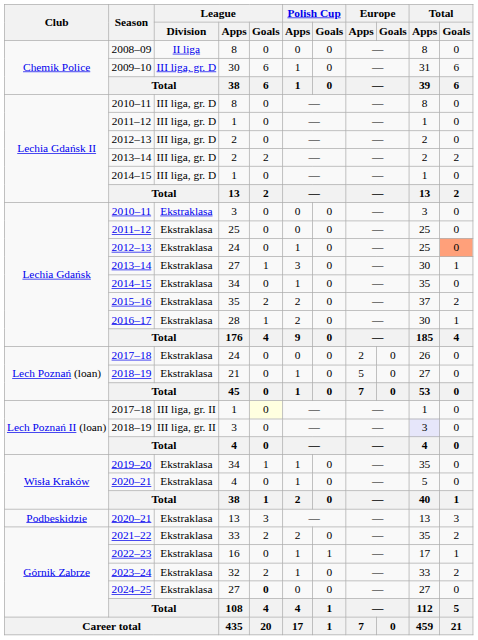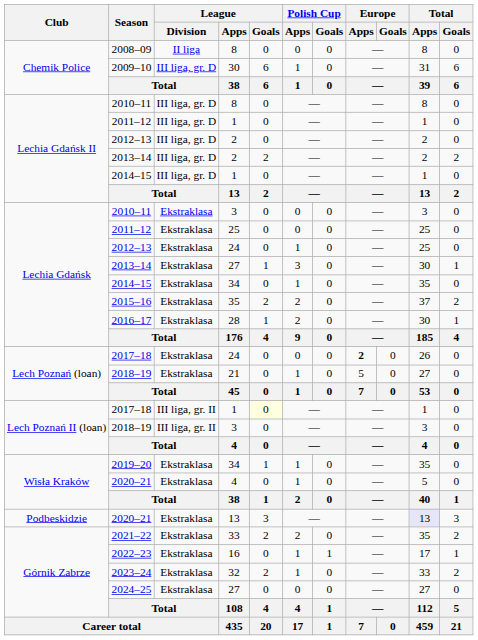 <table class="wikitable" style="text-align: center;">
 <tr>
 <th rowspan="2">Club</th>
 <th rowspan="2">Season</th>
 <th colspan="3">League</th>
 <th colspan="2"><a href='#'>Polish Cup</a></th>
 <th colspan="2">Europe</th>
 <th colspan="2">Total</th>
 </tr>
 <tr>
 <th>Division</th>
 <th>Apps</th>
 <th>Goals</th>
 <th>Apps</th>
 <th>Goals</th>
 <th>Apps</th>
 <th>Goals</th>
 <th>Apps</th>
 <th>Goals</th>
 </tr>
 <tr>
 <td rowspan="3"><a href='#'>Chemik Police</a></td>
 <td>2008–09</td>
 <td rowspan="1"><a href='#'>II liga</a></td>
 <td>8</td>
 <td>0</td>
 <td>0</td>
 <td>0</td>
 <td colspan="2">—</td>
 <td>8</td>
 <td>0</td>
 </tr>
 <tr>
 <td>2009–10</td>
 <td rowspan="1"><a href='#'>III liga, gr. D</a></td>
 <td>30</td>
 <td>6</td>
 <td>1</td>
 <td>0</td>
 <td colspan="2">—</td>
 <td>31</td>
 <td>6</td>
 </tr>
 <tr>
 <th colspan="2">Total</th>
 <th>38</th>
 <th>6</th>
 <th>1</th>
 <th>0</th>
 <th colspan="2">—</th>
 <th>39</th>
 <th>6</th>
 </tr>
 <tr>
 <td rowspan="6"><a href='#'>Lechia Gdańsk II</a></td>
 <td>2010–11</td>
 <td>III liga, gr. D</td>
 <td>8</td>
 <td>0</td>
 <td colspan="2">—</td>
 <td colspan="2">—</td>
 <td>8</td>
 <td>0</td>
 </tr>
 <tr>
 <td>2011–12</td>
 <td>III liga, gr. D</td>
 <td>1</td>
 <td>0</td>
 <td colspan="2">—</td>
 <td colspan="2">—</td>
 <td>1</td>
 <td>0</td>
 </tr>
 <tr>
 <td>2012–13</td>
 <td>III liga, gr. D</td>
 <td>2</td>
 <td>0</td>
 <td colspan="2">—</td>
 <td colspan="2">—</td>
 <td>2</td>
 <td>0</td>
 </tr>
 <tr>
 <td>2013–14</td>
 <td>III liga, gr. D</td>
 <td>2</td>
 <td>2</td>
 <td colspan="2">—</td>
 <td colspan="2">—</td>
 <td>2</td>
 <td>2</td>
 </tr>
 <tr>
 <td>2014–15</td>
 <td>III liga, gr. D</td>
 <td>1</td>
 <td>0</td>
 <td colspan="2">—</td>
 <td colspan="2">—</td>
 <td>1</td>
 <td>0</td>
 </tr>
 <tr>
 <th colspan="2">Total</th>
 <th>13</th>
 <th>2</th>
 <th colspan="2">—</th>
 <th colspan="2">—</th>
 <th>13</th>
 <th>2</th>
 </tr>
 <tr>
 <td rowspan="8"><a href='#'>Lechia Gdańsk</a></td>
 <td><a href='#'>2010–11</a></td>
 <td><a href='#'>Ekstraklasa</a></td>
 <td>3</td>
 <td>0</td>
 <td>0</td>
 <td>0</td>
 <td colspan="2">—</td>
 <td>3</td>
 <td>0</td>
 </tr>
 <tr>
 <td><a href='#'>2011–12</a></td>
 <td>Ekstraklasa</td>
 <td>25</td>
 <td>0</td>
 <td>0</td>
 <td>0</td>
 <td colspan="2">—</td>
 <td>25</td>
 <td>0</td>
 </tr>
 <tr>
 <td><a href='#'>2012–13</a></td>
 <td>Ekstraklasa</td>
 <td>24</td>
 <td>0</td>
 <td>1</td>
 <td>0</td>
 <td colspan="2">—</td>
 <td>25</td>
-<td style="background: lightsalmon;">0</td>
+<td>0</td>
 </tr>
 <tr>
 <td><a href='#'>2013–14</a></td>
 <td>Ekstraklasa</td>
 <td>27</td>
 <td>1</td>
 <td>3</td>
 <td>0</td>
 <td colspan="2">—</td>
 <td>30</td>
 <td>1</td>
 </tr>
 <tr>
 <td><a href='#'>2014–15</a></td>
 <td>Ekstraklasa</td>
 <td>34</td>
 <td>0</td>
 <td>1</td>
 <td>0</td>
 <td colspan="2">—</td>
 <td>35</td>
 <td>0</td>
 </tr>
 <tr>
 <td><a href='#'>2015–16</a></td>
 <td>Ekstraklasa</td>
 <td>35</td>
 <td>2</td>
 <td>2</td>
 <td>0</td>
 <td colspan="2">—</td>
 <td>37</td>
 <td>2</td>
 </tr>
 <tr>
 <td><a href='#'>2016–17</a></td>
 <td>Ekstraklasa</td>
 <td>28</td>
 <td>1</td>
 <td>2</td>
 <td>0</td>
 <td colspan="2">—</td>
 <td>30</td>
 <td>1</td>
 </tr>
 <tr>
 <th colspan="2">Total</th>
 <th>176</th>
 <th>4</th>
 <th>9</th>
 <th>0</th>
 <th colspan="2">—</th>
 <th>185</th>
 <th>4</th>
 </tr>
 <tr>
 <td rowspan="3"><a href='#'>Lech Poznań</a> (loan)</td>
 <td><a href='#'>2017–18</a></td>
 <td>Ekstraklasa</td>
 <td>24</td>
 <td>0</td>
 <td>0</td>
 <td>0</td>
-<td>2</td>
+<td><strong>2</strong></td>
 <td>0</td>
 <td>26</td>
 <td>0</td>
 </tr>
 <tr>
 <td><a href='#'>2018–19</a></td>
 <td>Ekstraklasa</td>
 <td>21</td>
 <td>0</td>
 <td>1</td>
 <td>0</td>
 <td>5</td>
 <td>0</td>
 <td>27</td>
 <td>0</td>
 </tr>
 <tr>
 <th colspan="2">Total</th>
 <th>45</th>
 <th>0</th>
 <th>1</th>
 <th>0</th>
 <th>7</th>
 <th>0</th>
 <th>53</th>
 <th>0</th>
 </tr>
 <tr>
 <td rowspan="3"><a href='#'>Lech Poznań II</a> (loan)</td>
 <td>2017–18</td>
 <td>III liga, gr. II</td>
 <td>1</td>
 <td style="background: lightyellow;">0</td>
 <td colspan="2">—</td>
 <td colspan="2">—</td>
 <td>1</td>
 <td>0</td>
 </tr>
 <tr>
 <td>2018–19</td>
 <td>III liga, gr. II</td>
 <td>3</td>
 <td>0</td>
 <td colspan="2">—</td>
 <td colspan="2">—</td>
-<td style="background: lavender;">3</td>
+<td>3</td>
 <td>0</td>
 </tr>
 <tr>
 <th colspan="2">Total</th>
 <th>4</th>
 <th>0</th>
 <th colspan="2">—</th>
 <th colspan="2">—</th>
 <th>4</th>
 <th>0</th>
 </tr>
 <tr>
 <td rowspan="3"><a href='#'>Wisła Kraków</a></td>
 <td><a href='#'>2019–20</a></td>
 <td>Ekstraklasa</td>
 <td>34</td>
 <td>1</td>
 <td>1</td>
 <td>0</td>
 <td colspan="2">—</td>
 <td>35</td>
 <td>0</td>
 </tr>
 <tr>
 <td><a href='#'>2020–21</a></td>
 <td>Ekstraklasa</td>
 <td>4</td>
 <td>0</td>
 <td>1</td>
 <td>0</td>
 <td colspan="2">—</td>
 <td>5</td>
 <td>0</td>
 </tr>
 <tr>
 <th colspan="2">Total</th>
 <th>38</th>
 <th>1</th>
 <th>2</th>
 <th>0</th>
 <th colspan="2">—</th>
 <th>40</th>
 <th>1</th>
 </tr>
 <tr>
 <td><a href='#'>Podbeskidzie</a></td>
 <td><a href='#'>2020–21</a></td>
 <td>Ekstraklasa</td>
 <td>13</td>
 <td>3</td>
 <td colspan="2">—</td>
 <td colspan="2">—</td>
-<td>13</td>
+<td style="background: lavender;">13</td>
 <td>3</td>
 </tr>
 <tr>
 <td rowspan="5"><a href='#'>Górnik Zabrze</a></td>
 <td><a href='#'>2021–22</a></td>
 <td>Ekstraklasa</td>
 <td>33</td>
 <td>2</td>
 <td>2</td>
 <td>0</td>
 <td colspan="2">—</td>
 <td>35</td>
 <td>2</td>
 </tr>
 <tr>
 <td><a href='#'>2022–23</a></td>
 <td>Ekstraklasa</td>
 <td>16</td>
 <td>0</td>
 <td>1</td>
 <td>1</td>
 <td colspan="2">—</td>
 <td>17</td>
 <td>1</td>
 </tr>
 <tr>
 <td><a href='#'>2023–24</a></td>
 <td>Ekstraklasa</td>
 <td>32</td>
 <td>2</td>
 <td>1</td>
 <td>0</td>
 <td colspan="2">—</td>
 <td>33</td>
 <td>2</td>
 </tr>
 <tr>
 <td><a href='#'>2024–25</a></td>
 <td>Ekstraklasa</td>
 <td>27</td>
-<td><strong>0</strong></td>
+<td>0</td>
 <td>0</td>
 <td>0</td>
 <td colspan="2">—</td>
 <td>27</td>
 <td>0</td>
 </tr>
 <tr>
 <th colspan="2">Total</th>
 <th>108</th>
 <th>4</th>
 <th>4</th>
 <th>1</th>
 <th colspan="2">—</th>
 <th>112</th>
 <th>5</th>
 </tr>
 <tr>
 <th colspan="3">Career total</th>
 <th>435</th>
 <th>20</th>
 <th>17</th>
 <th>1</th>
 <th>7</th>
 <th>0</th>
 <th>459</th>
 <th>21</th>
 </tr>
 </table>
